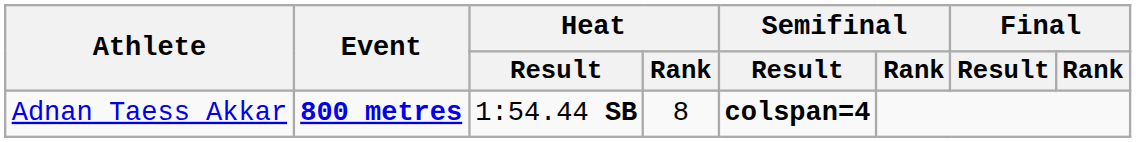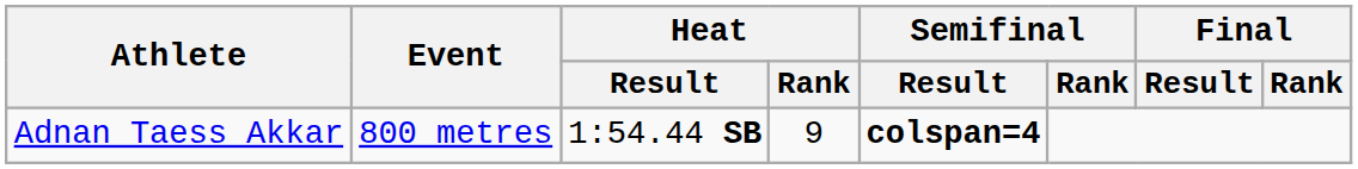 <table class="wikitable" style="font-size:90%">
 <tr>
 <th rowspan="2">Athlete</th>
 <th rowspan="2">Event</th>
 <th colspan="2">Heat</th>
 <th colspan="2">Semifinal</th>
 <th colspan="2">Final</th>
 </tr>
 <tr style="font-size:95%">
 <th>Result</th>
 <th>Rank</th>
 <th>Result</th>
 <th>Rank</th>
 <th>Result</th>
 <th>Rank</th>
 </tr>
 <tr style=text-align:center>
 <td style=text-align:left><a href='#'>Adnan Taess Akkar</a></td>
-<td style=text-align:left><strong><a href='#'>800 metres</a></strong></td>
+<td style=text-align:left><a href='#'>800 metres</a></td>
 <td>1:54.44 <strong>SB</strong></td>
-<td>8</td>
+<td>9</td>
 <td><strong>colspan=4 </strong></td>
 </tr>
 </table>
